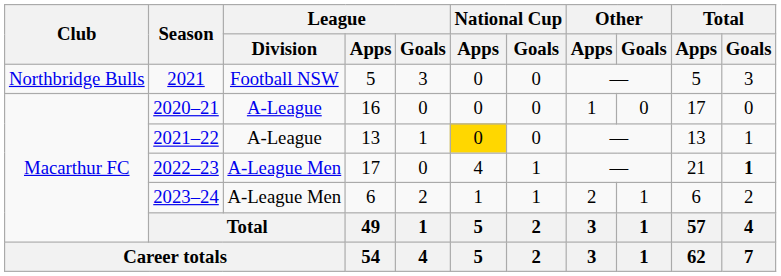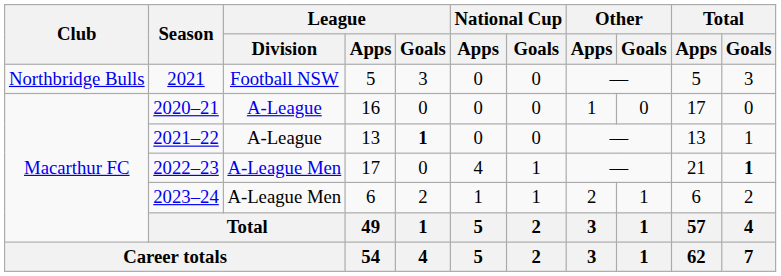 <table class="wikitable" style="text-align:center">
 <tr>
 <th rowspan="2">Club</th>
 <th rowspan="2">Season</th>
 <th colspan="3">League</th>
 <th colspan="2">National Cup</th>
 <th colspan="2">Other</th>
 <th colspan="2">Total</th>
 </tr>
 <tr>
 <th>Division</th>
 <th>Apps</th>
 <th>Goals</th>
 <th>Apps</th>
 <th>Goals</th>
 <th>Apps</th>
 <th>Goals</th>
 <th>Apps</th>
 <th>Goals</th>
 </tr>
 <tr>
 <td><a href='#'>Northbridge Bulls</a></td>
 <td><a href='#'>2021</a></td>
 <td><a href='#'>Football NSW</a></td>
 <td>5</td>
 <td>3</td>
 <td>0</td>
 <td>0</td>
 <td colspan="2">—</td>
 <td>5</td>
 <td>3</td>
 </tr>
 <tr>
 <td rowspan="5"><a href='#'>Macarthur FC</a></td>
 <td><a href='#'>2020–21</a></td>
 <td><a href='#'>A-League</a></td>
 <td>16</td>
 <td>0</td>
 <td>0</td>
 <td>0</td>
 <td>1</td>
 <td>0</td>
 <td>17</td>
 <td>0</td>
 </tr>
 <tr>
 <td><a href='#'>2021–22</a></td>
 <td>A-League</td>
 <td>13</td>
-<td>1</td>
-<td style="background: gold;">0</td>
+<td><strong>1</strong></td>
+<td>0</td>
 <td>0</td>
 <td colspan="2">—</td>
 <td>13</td>
 <td>1</td>
 </tr>
 <tr>
 <td><a href='#'>2022–23</a></td>
 <td><a href='#'>A-League Men</a></td>
 <td>17</td>
 <td>0</td>
 <td>4</td>
 <td>1</td>
 <td colspan="2">—</td>
 <td>21</td>
 <td><strong>1</strong></td>
 </tr>
 <tr>
 <td><a href='#'>2023–24</a></td>
 <td>A-League Men</td>
 <td>6</td>
 <td>2</td>
 <td>1</td>
 <td>1</td>
 <td>2</td>
 <td>1</td>
 <td>6</td>
 <td>2</td>
 </tr>
 <tr>
 <th colspan="2">Total</th>
 <th>49</th>
 <th>1</th>
 <th>5</th>
 <th>2</th>
 <th>3</th>
 <th>1</th>
 <th>57</th>
 <th>4</th>
 </tr>
 <tr>
 <th colspan="3">Career totals</th>
 <th>54</th>
 <th>4</th>
 <th>5</th>
 <th>2</th>
 <th>3</th>
 <th>1</th>
 <th>62</th>
 <th>7</th>
 </tr>
 </table>
